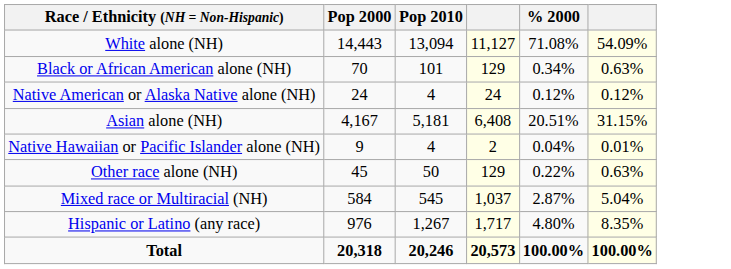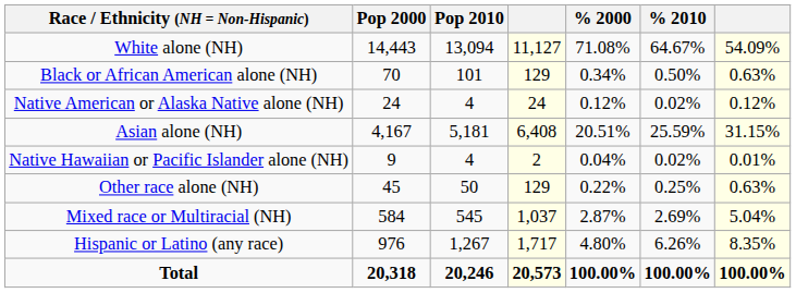 <table class="wikitable" style="text-align:center;">
 <tr>
 <th>Race / Ethnicity <small>(<em>NH = Non-Hispanic</em>)</small></th>
 <th>Pop 2000</th>
 <th>Pop 2010</th>
 <th></th>
 <th>% 2000</th>
+<th>% 2010</th>
 <th></th>
 </tr>
 <tr>
 <td><a href='#'>White</a> alone (NH)</td>
 <td>14,443</td>
 <td>13,094</td>
 <td style='background: #ffffe6;'>11,127</td>
 <td>71.08%</td>
+<td>64.67%</td>
 <td style='background: #ffffe6;'>54.09%</td>
 </tr>
 <tr>
 <td><a href='#'>Black or African American</a> alone (NH)</td>
 <td>70</td>
 <td>101</td>
 <td style='background: #ffffe6;'>129</td>
 <td>0.34%</td>
+<td>0.50%</td>
 <td style='background: #ffffe6;'>0.63%</td>
 </tr>
 <tr>
 <td><a href='#'>Native American</a> or <a href='#'>Alaska Native</a> alone (NH)</td>
 <td>24</td>
 <td>4</td>
 <td style='background: #ffffe6;'>24</td>
 <td>0.12%</td>
+<td>0.02%</td>
 <td style='background: #ffffe6;'>0.12%</td>
 </tr>
 <tr>
 <td><a href='#'>Asian</a> alone (NH)</td>
 <td>4,167</td>
 <td>5,181</td>
 <td style='background: #ffffe6;'>6,408</td>
 <td>20.51%</td>
+<td>25.59%</td>
 <td style='background: #ffffe6;'>31.15%</td>
 </tr>
 <tr>
 <td><a href='#'>Native Hawaiian</a> or <a href='#'>Pacific Islander</a> alone (NH)</td>
 <td>9</td>
 <td>4</td>
 <td style='background: #ffffe6;'>2</td>
 <td>0.04%</td>
+<td>0.02%</td>
 <td style='background: #ffffe6;'>0.01%</td>
 </tr>
 <tr>
 <td><a href='#'>Other race</a> alone (NH)</td>
 <td>45</td>
 <td>50</td>
 <td style='background: #ffffe6;'>129</td>
 <td>0.22%</td>
+<td>0.25%</td>
 <td style='background: #ffffe6;'>0.63%</td>
 </tr>
 <tr>
 <td><a href='#'>Mixed race or Multiracial</a> (NH)</td>
 <td>584</td>
 <td>545</td>
 <td style='background: #ffffe6;'>1,037</td>
 <td>2.87%</td>
+<td>2.69%</td>
 <td style='background: #ffffe6;'>5.04%</td>
 </tr>
 <tr>
 <td><a href='#'>Hispanic or Latino</a> (any race)</td>
 <td>976</td>
 <td>1,267</td>
 <td style='background: #ffffe6;'>1,717</td>
 <td>4.80%</td>
+<td>6.26%</td>
 <td style='background: #ffffe6;'>8.35%</td>
 </tr>
 <tr>
 <td><strong>Total</strong></td>
 <td><strong>20,318</strong></td>
 <td><strong>20,246</strong></td>
 <td style='background: #ffffe6;'><strong>20,573</strong></td>
 <td><strong>100.00%</strong></td>
+<td><strong>100.00%</strong></td>
 <td style='background: #ffffe6;'><strong>100.00%</strong></td>
 </tr>
 </table>
